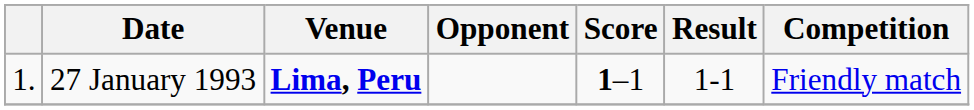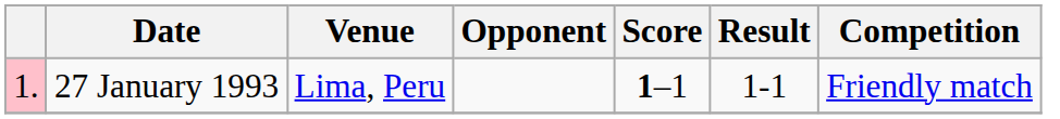 <table class="wikitable">
 <tr>
 <th></th>
 <th>Date</th>
 <th>Venue</th>
 <th>Opponent</th>
 <th>Score</th>
 <th>Result</th>
 <th>Competition</th>
 </tr>
 <tr>
-<td align="center">1.</td>
+<td align="center" style="background: pink;">1.</td>
 <td>27 January 1993</td>
-<td><strong><a href='#'>Lima</a>, <a href='#'>Peru</a></strong></td>
+<td><a href='#'>Lima</a>, <a href='#'>Peru</a></td>
 <td></td>
 <td align="center"><strong>1</strong>–1</td>
 <td align="center">1-1</td>
 <td><a href='#'>Friendly match</a></td>
 </tr>
 <tr>
 </tr>
 </table>
